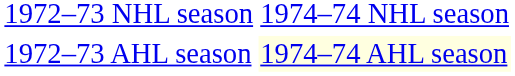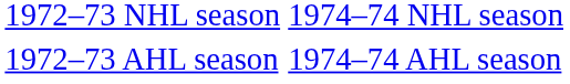 <table>
 <tr>
 <td><a href='#'>1972–73 NHL season</a></td>
 <td><a href='#'>1974–74 NHL season</a></td>
 </tr>
 <tr>
 <td><a href='#'>1972–73 AHL season</a></td>
-<td style="background: lightyellow;"><a href='#'>1974–74 AHL season</a></td>
+<td><a href='#'>1974–74 AHL season</a></td>
 </tr>
 <tr>
 </tr>
 </table>
